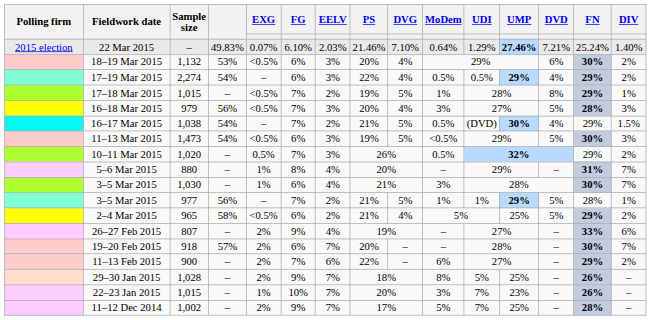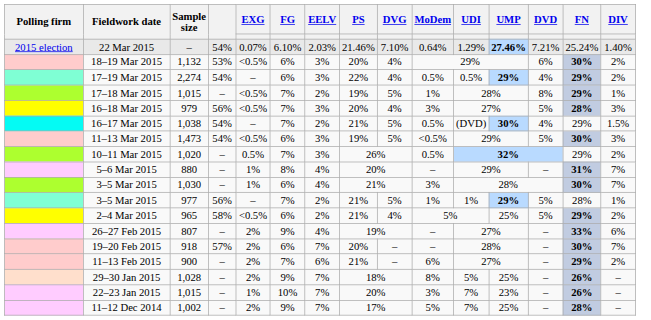 <table class="wikitable sortable" style="text-align:center;font-size:90%;line-height:14px;">
 <tr style="height:40px;">
 <th style="width:100px;" rowspan="2">Polling firm</th>
 <th style="width:110px;" rowspan="2">Fieldwork date</th>
 <th style="width:35px;" rowspan="2">Sample<br>size</th>
 <th style="width:30px;" rowspan="2"></th>
 <th class="unsortable" style="width:40px;"><a href='#'>EXG</a></th>
 <th class="unsortable" style="width:40px;"><a href='#'>FG</a></th>
 <th class="unsortable" style="width:40px;"><a href='#'>EELV</a></th>
 <th class="unsortable" style="width:40px;"><a href='#'>PS</a></th>
 <th class="unsortable" style="width:40px;"><a href='#'>DVG</a></th>
 <th class="unsortable" style="width:40px;"><a href='#'>MoDem</a></th>
 <th class="unsortable" style="width:40px;"><a href='#'>UDI</a></th>
 <th class="unsortable" style="width:40px;"><a href='#'>UMP</a></th>
 <th class="unsortable" style="width:40px;"><a href='#'>DVD</a></th>
 <th class="unsortable" style="width:40px;"><a href='#'>FN</a></th>
 <th class="unsortable" style="width:40px;"><a href='#'>DIV</a></th>
 </tr>
 <tr>
 <th style="background:"></th>
 <th style="background:"></th>
 <th style="background:"></th>
 <th style="background:"></th>
 <th style="background:"></th>
 <th style="background:"></th>
 <th style="background:"></th>
 <th style="background:"></th>
 <th style="background:"></th>
 <th style="background:"></th>
 <th style="background:"></th>
 </tr>
 <tr style="background:#E9E9E9;">
 <td><a href='#'>2015 election</a></td>
 <td data-sort-value="2015-03-22">22 Mar 2015</td>
 <td>–</td>
-<td>49.83%</td>
+<td>54%</td>
 <td>0.07%</td>
 <td>6.10%</td>
 <td>2.03%</td>
 <td>21.46%</td>
 <td>7.10%</td>
 <td>0.64%</td>
 <td>1.29%</td>
 <td style="background:#B9DAFF;"><strong>27.46%</strong></td>
 <td>7.21%</td>
 <td>25.24%</td>
 <td>1.40%</td>
 </tr>
 <tr>
 <td style="background:#FFCCCC;"></td>
 <td data-sort-value="2015-03-19">18–19 Mar 2015</td>
 <td>1,132</td>
 <td>53%</td>
 <td data-sort-value="0%"><0.5%</td>
 <td>6%</td>
 <td>3%</td>
 <td>20%</td>
 <td>4%</td>
 <td colspan="3">29%</td>
 <td>6%</td>
 <td style="background:#C1CCE1;"><strong>30%</strong></td>
 <td>2%</td>
 </tr>
 <tr>
 <td style="background:aquamarine;"></td>
 <td data-sort-value="2015-03-19">17–19 Mar 2015</td>
 <td>2,274</td>
 <td>54%</td>
 <td>–</td>
 <td>6%</td>
 <td>3%</td>
 <td>22%</td>
 <td>4%</td>
 <td>0.5%</td>
 <td>0.5%</td>
 <td style="background:#B9DAFF;"><strong>29%</strong></td>
 <td>4%</td>
 <td style="background:#C1CCE1;"><strong>29%</strong></td>
 <td>2%</td>
 </tr>
 <tr>
 <td style="background:GreenYellow;"></td>
 <td data-sort-value="2015-03-18">17–18 Mar 2015</td>
 <td>1,015</td>
 <td>–</td>
 <td data-sort-value="0%"><0.5%</td>
 <td>7%</td>
 <td>2%</td>
 <td>19%</td>
 <td>5%</td>
 <td>1%</td>
 <td colspan="2">28%</td>
 <td>8%</td>
 <td style="background:#C1CCE1;"><strong>29%</strong></td>
 <td>1%</td>
 </tr>
 <tr>
 <td style="background:yellow;"></td>
 <td data-sort-value="2015-03-18">16–18 Mar 2015</td>
 <td>979</td>
 <td>56%</td>
 <td data-sort-value="0%"><0.5%</td>
 <td>7%</td>
 <td>3%</td>
 <td>20%</td>
 <td>4%</td>
 <td>3%</td>
 <td colspan="2">27%</td>
 <td>5%</td>
 <td style="background:#C1CCE1;"><strong>28%</strong></td>
 <td>3%</td>
 </tr>
 <tr>
 <td style="background:#04FBF4;"></td>
 <td data-sort-value="2015-03-17">16–17 Mar 2015</td>
 <td>1,038</td>
 <td>54%</td>
 <td>–</td>
 <td>7%</td>
 <td>2%</td>
 <td>21%</td>
 <td>5%</td>
 <td>0.5%</td>
 <td>(DVD)</td>
 <td style="background:#B9DAFF;"><strong>30%</strong></td>
 <td>4%</td>
 <td>29%</td>
 <td>1.5%</td>
 </tr>
 <tr>
 <td style="background:#FFCCCC;"></td>
 <td data-sort-value="2015-03-13">11–13 Mar 2015</td>
 <td>1,473</td>
 <td>54%</td>
 <td data-sort-value="0%"><0.5%</td>
 <td>6%</td>
 <td>3%</td>
 <td>19%</td>
 <td>5%</td>
 <td data-sort-value="0%"><0.5%</td>
 <td colspan="2">29%</td>
 <td>5%</td>
 <td style="background:#C1CCE1;"><strong>30%</strong></td>
 <td>3%</td>
 </tr>
 <tr>
 <td style="background:GreenYellow;"></td>
 <td data-sort-value="2015-03-11">10–11 Mar 2015</td>
 <td>1,020</td>
 <td>–</td>
 <td>0.5%</td>
 <td>7%</td>
 <td>3%</td>
 <td colspan="2">26%</td>
 <td>0.5%</td>
 <td style="background:#B9DAFF;" colspan="3"><strong>32%</strong></td>
 <td>29%</td>
 <td>2%</td>
 </tr>
 <tr>
 <td style="background:#FFCCFF;"></td>
 <td data-sort-value="2015-03-06">5–6 Mar 2015</td>
 <td>880</td>
 <td>–</td>
 <td>1%</td>
 <td>8%</td>
 <td>4%</td>
 <td colspan="2">20%</td>
 <td>–</td>
 <td colspan="2">29%</td>
 <td>–</td>
 <td style="background:#C1CCE1;"><strong>31%</strong></td>
 <td>7%</td>
 </tr>
 <tr>
 <td style="background:GreenYellow;"></td>
 <td data-sort-value="2015-03-05">3–5 Mar 2015</td>
 <td>1,030</td>
 <td>–</td>
 <td>1%</td>
 <td>6%</td>
 <td>4%</td>
 <td colspan="2">21%</td>
 <td>3%</td>
 <td colspan="3">28%</td>
 <td style="background:#C1CCE1;"><strong>30%</strong></td>
 <td>7%</td>
 </tr>
 <tr>
 <td style="background:aquamarine;"></td>
 <td data-sort-value="2015-03-05">3–5 Mar 2015</td>
 <td>977</td>
 <td>56%</td>
 <td>–</td>
 <td>7%</td>
 <td>2%</td>
 <td>21%</td>
 <td>5%</td>
 <td>1%</td>
 <td>1%</td>
 <td style="background:#B9DAFF;"><strong>29%</strong></td>
 <td>5%</td>
 <td>28%</td>
 <td>1%</td>
 </tr>
 <tr>
 <td style="background:yellow;"></td>
 <td data-sort-value="2015-03-04">2–4 Mar 2015</td>
 <td>965</td>
 <td>58%</td>
 <td data-sort-value="0%"><0.5%</td>
 <td>6%</td>
 <td>2%</td>
 <td>21%</td>
 <td>4%</td>
 <td colspan="2">5%</td>
 <td>25%</td>
 <td>5%</td>
 <td style="background:#C1CCE1;"><strong>29%</strong></td>
 <td>2%</td>
 </tr>
 <tr>
 <td style="background:#FFCCFF;"></td>
 <td data-sort-value="2015-02-27">26–27 Feb 2015</td>
 <td>807</td>
 <td>–</td>
 <td>2%</td>
 <td>9%</td>
 <td>4%</td>
 <td colspan="2">19%</td>
 <td>–</td>
 <td colspan="2">27%</td>
 <td>–</td>
 <td style="background:#C1CCE1;"><strong>33%</strong></td>
 <td>6%</td>
 </tr>
 <tr>
 <td style="background:#FFCCCC;"></td>
 <td data-sort-value="2015-02-20">19–20 Feb 2015</td>
 <td>918</td>
 <td>57%</td>
 <td>2%</td>
 <td>6%</td>
 <td>7%</td>
 <td>20%</td>
 <td>–</td>
 <td>–</td>
 <td colspan="2">28%</td>
 <td>–</td>
 <td style="background:#C1CCE1;"><strong>30%</strong></td>
 <td>7%</td>
 </tr>
 <tr>
 <td style="background:#FFCCCC;"></td>
 <td data-sort-value="2015-02-13">11–13 Feb 2015</td>
 <td>900</td>
 <td>–</td>
 <td>2%</td>
 <td>7%</td>
 <td>6%</td>
-<td>22%</td>
+<td>21%</td>
 <td>–</td>
 <td>6%</td>
 <td colspan="2">27%</td>
 <td>–</td>
 <td style="background:#C1CCE1;"><strong>29%</strong></td>
 <td>2%</td>
 </tr>
 <tr>
 <td style="background:#FFDFCC;"></td>
 <td data-sort-value="2015-01-30">29–30 Jan 2015</td>
 <td>1,028</td>
 <td>–</td>
 <td>2%</td>
 <td>9%</td>
 <td>7%</td>
 <td colspan="2">18%</td>
 <td>8%</td>
 <td>5%</td>
 <td>25%</td>
 <td>–</td>
 <td style="background:#C1CCE1;"><strong>26%</strong></td>
 <td>–</td>
 </tr>
 <tr>
 <td style="background:#FFCCFF;"></td>
 <td data-sort-value="2015-01-23">22–23 Jan 2015</td>
 <td>1,015</td>
 <td>–</td>
 <td>1%</td>
 <td>10%</td>
 <td>7%</td>
 <td colspan="2">20%</td>
 <td>3%</td>
 <td>7%</td>
 <td>23%</td>
 <td>–</td>
 <td style="background:#C1CCE1;"><strong>26%</strong></td>
 <td>–</td>
 </tr>
 <tr>
 <td style="background:#FFCCFF;"></td>
 <td data-sort-value="2014-12-12">11–12 Dec 2014</td>
 <td>1,002</td>
 <td>–</td>
 <td>2%</td>
 <td>9%</td>
 <td>7%</td>
 <td colspan="2">17%</td>
 <td>5%</td>
 <td>7%</td>
 <td>25%</td>
 <td>–</td>
 <td style="background:#C1CCE1;"><strong>28%</strong></td>
 <td>–</td>
 </tr>
 </table>
